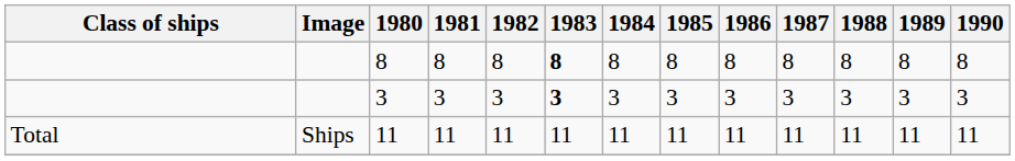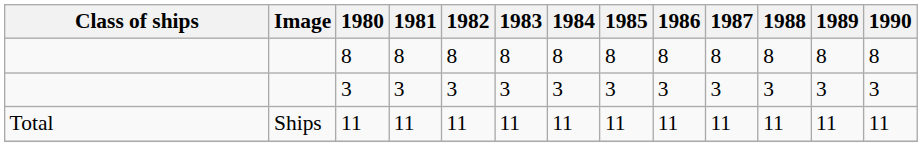 <table class="wikitable sortable collapsible collapsed">
 <tr>
 <th style="width:29%;">Class of ships</th>
 <th>Image</th>
 <th>1980</th>
 <th>1981</th>
 <th>1982</th>
 <th>1983</th>
 <th>1984</th>
 <th>1985</th>
 <th>1986</th>
 <th>1987</th>
 <th>1988</th>
 <th>1989</th>
 <th>1990</th>
 </tr>
 <tr valign="top">
 <td></td>
 <td></td>
 <td>8</td>
 <td>8</td>
 <td>8</td>
-<td><strong>8</strong></td>
+<td>8</td>
 <td>8</td>
 <td>8</td>
 <td>8</td>
 <td>8</td>
 <td>8</td>
 <td>8</td>
 <td>8</td>
 </tr>
 <tr valign="top">
 <td></td>
 <td></td>
 <td>3</td>
 <td>3</td>
 <td>3</td>
-<td><strong>3</strong></td>
+<td>3</td>
 <td>3</td>
 <td>3</td>
 <td>3</td>
 <td>3</td>
 <td>3</td>
 <td>3</td>
 <td>3</td>
 </tr>
 <tr valign="top">
 <td>Total</td>
 <td>Ships</td>
 <td>11</td>
 <td>11</td>
 <td>11</td>
 <td>11</td>
 <td>11</td>
 <td>11</td>
 <td>11</td>
 <td>11</td>
 <td>11</td>
 <td>11</td>
 <td>11</td>
 </tr>
 <tr>
 </tr>
 </table>
